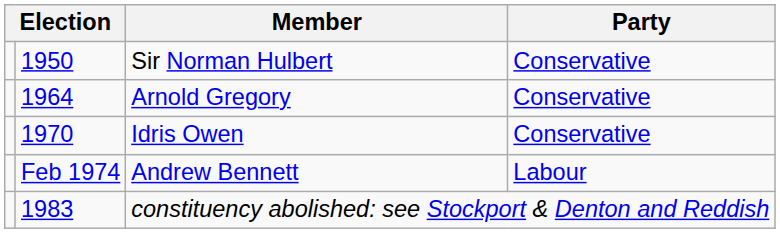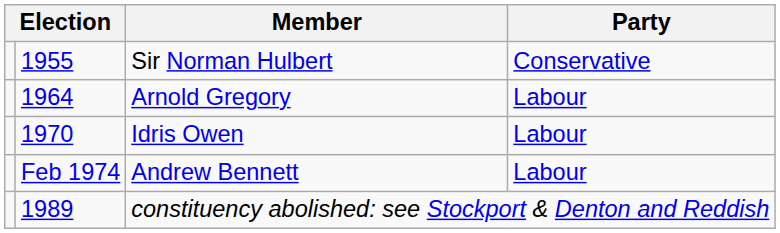 <table class="wikitable">
 <tr>
 <th colspan="2">Election</th>
 <th>Member </th>
 <th>Party</th>
 </tr>
 <tr>
 <td style="color:inherit;background-color: "></td>
-<td><a href='#'>1950</a></td>
+<td><a href='#'>1955</a></td>
 <td>Sir <a href='#'>Norman Hulbert</a></td>
 <td><a href='#'>Conservative</a></td>
 </tr>
 <tr>
 <td style="color:inherit;background-color: "></td>
 <td><a href='#'>1964</a></td>
 <td><a href='#'>Arnold Gregory</a></td>
-<td><a href='#'>Conservative</a></td>
+<td><a href='#'>Labour</a></td>
 </tr>
 <tr>
 <td style="color:inherit;background-color: "></td>
 <td><a href='#'>1970</a></td>
 <td><a href='#'>Idris Owen</a></td>
-<td><a href='#'>Conservative</a></td>
+<td><a href='#'>Labour</a></td>
 </tr>
 <tr>
 <td style="color:inherit;background-color: "></td>
 <td><a href='#'>Feb 1974</a></td>
 <td><a href='#'>Andrew Bennett</a></td>
 <td><a href='#'>Labour</a></td>
 </tr>
 <tr>
 <td></td>
-<td><a href='#'>1983</a></td>
+<td><a href='#'>1989</a></td>
 <td colspan="2"><em>constituency abolished: see <a href='#'>Stockport</a> & <a href='#'>Denton and Reddish</a></em></td>
 </tr>
 </table>
